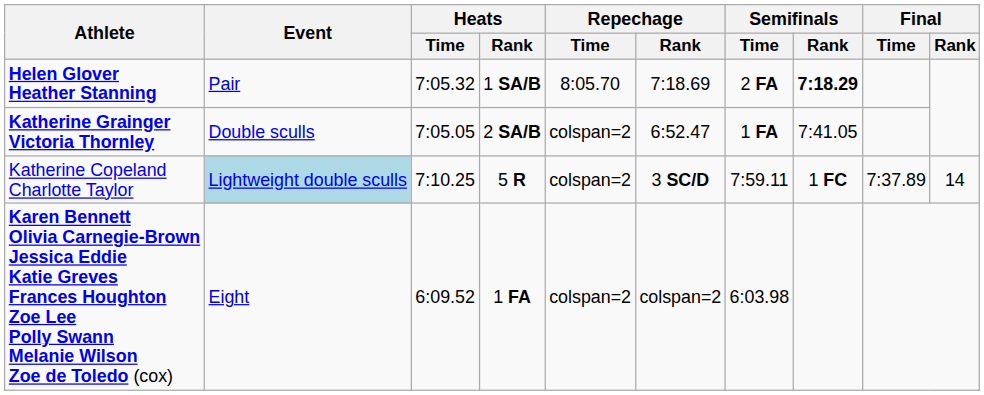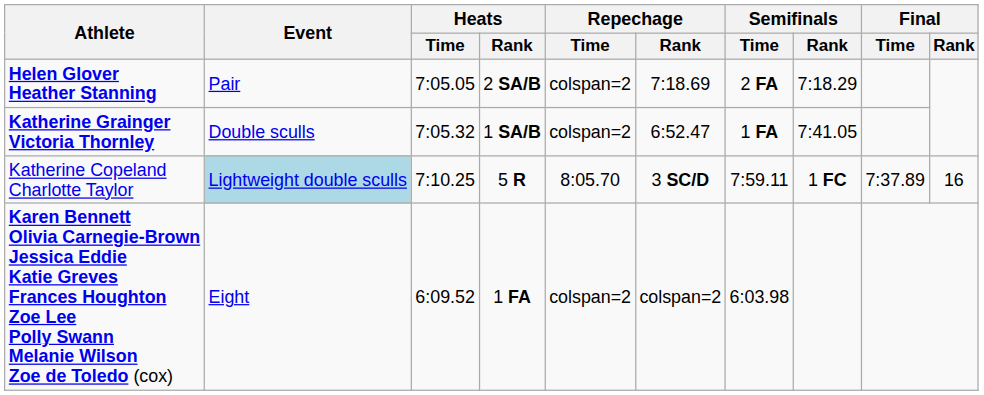 <table class="wikitable" style="font-size:90%">
 <tr>
 <th rowspan="2">Athlete</th>
 <th rowspan="2">Event</th>
 <th colspan="2">Heats</th>
 <th colspan="2">Repechage</th>
 <th colspan="2">Semifinals</th>
 <th colspan="2">Final</th>
 </tr>
 <tr style="font-size:95%">
 <th>Time</th>
 <th>Rank</th>
 <th>Time</th>
 <th>Rank</th>
 <th>Time</th>
 <th>Rank</th>
 <th>Time</th>
 <th>Rank</th>
 </tr>
 <tr align=center>
 <td align=left><strong><a href='#'>Helen Glover</a><br><a href='#'>Heather Stanning</a></strong></td>
 <td align=left><a href='#'>Pair</a></td>
-<td>7:05.32</td>
-<td>1 <strong>SA/B</strong></td>
-<td>8:05.70</td>
+<td>7:05.05</td>
+<td>2 <strong>SA/B</strong></td>
+<td>colspan=2 </td>
 <td>7:18.69</td>
 <td>2  <strong>FA</strong></td>
-<td><strong>7:18.29</strong></td>
+<td>7:18.29</td>
 <td></td>
 </tr>
 <tr align=center>
 <td align=left><strong><a href='#'>Katherine Grainger</a><br><a href='#'>Victoria Thornley</a></strong></td>
 <td align=left><a href='#'>Double sculls</a></td>
-<td>7:05.05</td>
-<td>2 <strong>SA/B</strong></td>
+<td>7:05.32</td>
+<td>1 <strong>SA/B</strong></td>
 <td>colspan=2 </td>
 <td>6:52.47</td>
 <td>1 <strong>FA</strong></td>
 <td>7:41.05</td>
 <td></td>
 </tr>
 <tr align=center>
 <td align=left><a href='#'>Katherine Copeland</a><br><a href='#'>Charlotte Taylor</a></td>
 <td align=left style="background: lightblue;"><a href='#'>Lightweight double sculls</a></td>
 <td>7:10.25</td>
 <td>5 <strong>R</strong></td>
-<td>colspan=2 </td>
+<td>8:05.70</td>
 <td>3 <strong>SC/D</strong></td>
 <td>7:59.11</td>
 <td>1 <strong>FC</strong></td>
 <td>7:37.89</td>
-<td>14</td>
+<td>16</td>
 </tr>
 <tr align=center>
 <td align=left><strong><a href='#'>Karen Bennett</a><br><a href='#'>Olivia Carnegie-Brown</a><br><a href='#'>Jessica Eddie</a><br><a href='#'>Katie Greves</a><br><a href='#'>Frances Houghton</a><br><a href='#'>Zoe Lee</a><br><a href='#'>Polly Swann</a><br><a href='#'>Melanie Wilson</a><br><a href='#'>Zoe de Toledo</a></strong> (cox)</td>
 <td align=left><a href='#'>Eight</a></td>
 <td>6:09.52</td>
 <td>1 <strong>FA</strong></td>
 <td>colspan=2 </td>
 <td>colspan=2 </td>
 <td>6:03.98</td>
 <td></td>
 </tr>
 </table>
